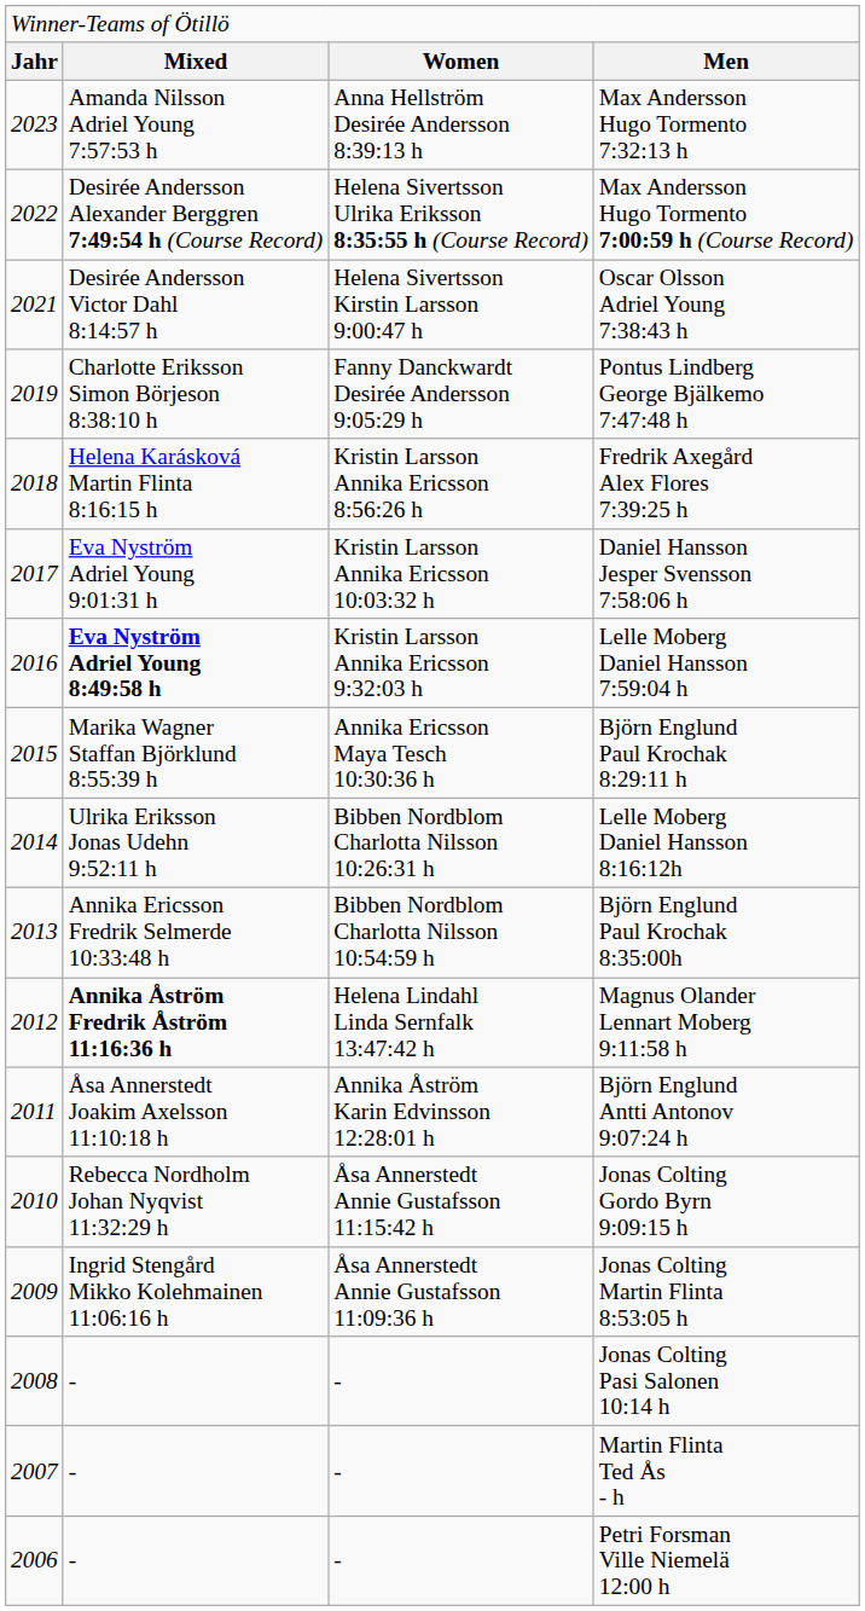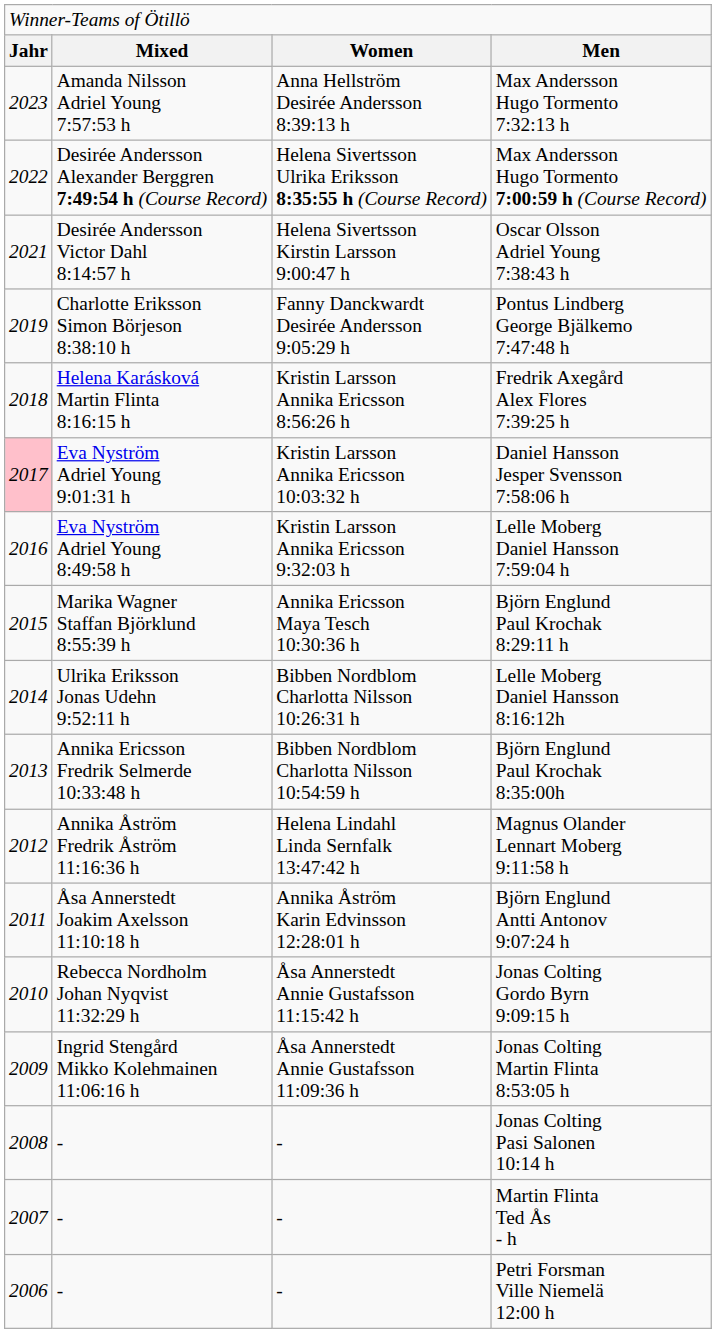 <table class="wikitable">
 <tr>
 <td colspan="4"><em>Winner-Teams of Ötillö</em></td>
 </tr>
 <tr>
 <th>Jahr</th>
 <th>Mixed</th>
 <th>Women</th>
 <th>Men</th>
 </tr>
 <tr>
 <td><em>2023</em></td>
 <td> Amanda Nilsson<br> Adriel Young<br>7:57:53 h</td>
 <td> Anna Hellström<br> Desirée Andersson<br>8:39:13 h</td>
 <td> Max Andersson<br> Hugo Tormento<br>7:32:13 h</td>
 </tr>
 <tr>
 <td><em>2022</em></td>
 <td> Desirée Andersson<br> Alexander Berggren<br><strong>7:49:54 h</strong> <em>(Course Record)</em></td>
 <td> Helena Sivertsson<br> Ulrika Eriksson<br><strong>8:35:55 h</strong> <em>(Course Record)</em></td>
 <td> Max Andersson<br> Hugo Tormento<br><strong>7:00:59 h</strong> <em>(Course Record)</em></td>
 </tr>
 <tr>
 <td><em>2021</em></td>
 <td> Desirée Andersson<br> Victor Dahl<br>8:14:57 h</td>
 <td> Helena Sivertsson<br> Kirstin Larsson<br>9:00:47 h</td>
 <td> Oscar Olsson<br> Adriel Young<br>7:38:43 h</td>
 </tr>
 <tr>
 <td><em>2019</em></td>
 <td> Charlotte Eriksson<br> Simon Börjeson<br>8:38:10 h</td>
 <td> Fanny Danckwardt<br> Desirée Andersson<br>9:05:29 h</td>
 <td> Pontus Lindberg<br> George Bjälkemo<br>7:47:48 h</td>
 </tr>
 <tr>
 <td><em>2018</em></td>
 <td> <a href='#'>Helena Karásková</a><br> Martin Flinta<br>8:16:15 h</td>
 <td> Kristin Larsson<br> Annika Ericsson<br>8:56:26 h</td>
 <td> Fredrik Axegård<br> Alex Flores<br>7:39:25 h</td>
 </tr>
 <tr>
-<td><em>2017</em></td>
+<td style="background: pink;"><em>2017</em></td>
 <td> <a href='#'>Eva Nyström</a><br> Adriel Young<br>9:01:31 h</td>
 <td> Kristin Larsson<br> Annika Ericsson<br>10:03:32 h</td>
 <td> Daniel Hansson<br> Jesper Svensson<br>7:58:06 h</td>
 </tr>
 <tr>
 <td><em>2016</em></td>
-<td><strong> <a href='#'>Eva Nyström</a><br> Adriel Young<br>8:49:58 h</strong></td>
+<td> <a href='#'>Eva Nyström</a><br> Adriel Young<br>8:49:58 h</td>
 <td> Kristin Larsson<br> Annika Ericsson<br>9:32:03 h</td>
 <td> Lelle Moberg<br> Daniel Hansson<br>7:59:04 h</td>
 </tr>
 <tr>
 <td><em>2015</em></td>
 <td> Marika Wagner<br> Staffan Björklund<br>8:55:39 h</td>
 <td> Annika Ericsson<br> Maya Tesch<br>10:30:36 h</td>
 <td> Björn Englund<br> Paul Krochak<br>8:29:11 h</td>
 </tr>
 <tr>
 <td><em>2014</em></td>
 <td> Ulrika Eriksson<br> Jonas Udehn<br>9:52:11 h</td>
 <td> Bibben Nordblom<br> Charlotta Nilsson<br>10:26:31 h</td>
 <td> Lelle Moberg<br> Daniel Hansson<br>8:16:12h</td>
 </tr>
 <tr>
 <td><em>2013</em></td>
 <td> Annika Ericsson<br> Fredrik Selmerde<br>10:33:48 h</td>
 <td> Bibben Nordblom<br> Charlotta Nilsson<br>10:54:59 h</td>
 <td> Björn Englund<br> Paul Krochak<br>8:35:00h</td>
 </tr>
 <tr>
 <td><em>2012</em></td>
-<td><strong> Annika Åström<br> Fredrik Åström<br>11:16:36 h</strong></td>
+<td> Annika Åström<br> Fredrik Åström<br>11:16:36 h</td>
 <td> Helena Lindahl<br> Linda Sernfalk<br>13:47:42 h</td>
 <td> Magnus Olander<br> Lennart Moberg<br>9:11:58 h</td>
 </tr>
 <tr>
 <td><em>2011</em></td>
 <td> Åsa Annerstedt<br> Joakim Axelsson<br>11:10:18 h</td>
 <td> Annika Åström<br> Karin Edvinsson<br>12:28:01 h</td>
 <td> Björn Englund<br> Antti Antonov<br>9:07:24 h</td>
 </tr>
 <tr>
 <td><em>2010</em></td>
 <td> Rebecca Nordholm<br> Johan Nyqvist<br>11:32:29 h</td>
 <td> Åsa Annerstedt<br> Annie Gustafsson<br>11:15:42 h</td>
 <td> Jonas Colting<br> Gordo Byrn<br>9:09:15 h</td>
 </tr>
 <tr>
 <td><em>2009</em></td>
 <td> Ingrid Stengård<br> Mikko Kolehmainen<br>11:06:16 h</td>
 <td> Åsa Annerstedt<br> Annie Gustafsson<br>11:09:36 h</td>
 <td> Jonas Colting<br> Martin Flinta<br>8:53:05 h</td>
 </tr>
 <tr>
 <td><em>2008</em></td>
 <td>-</td>
 <td>-</td>
 <td> Jonas Colting<br> Pasi Salonen<br>10:14 h</td>
 </tr>
 <tr>
 <td><em>2007</em></td>
 <td>-</td>
 <td>-</td>
 <td> Martin Flinta<br> Ted Ås<br>- h</td>
 </tr>
 <tr>
 <td><em>2006</em></td>
 <td>-</td>
 <td>-</td>
 <td> Petri Forsman<br> Ville Niemelä<br>12:00 h</td>
 </tr>
 </table>
